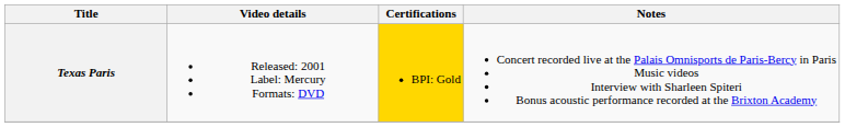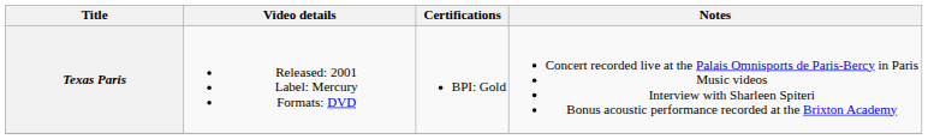 <table class="wikitable plainrowheaders" style="text-align:center;">
 <tr>
 <th scope="col" style="width:13em;">Title</th>
 <th scope="col" style="width:17em;">Video details</th>
 <th scope="col">Certifications</th>
 <th scope="col">Notes</th>
 </tr>
 <tr>
 <th scope="row"><em>Texas Paris</em></th>
 <td><br><ul><li>Released: 2001</li><li>Label: Mercury</li><li>Formats: <a href='#'>DVD</a></li></ul></td>
-<td style="background: gold;"><br><ul><li>BPI: Gold</li></ul></td>
+<td><br><ul><li>BPI: Gold</li></ul></td>
 <td><br><ul><li>Concert recorded live at the <a href='#'>Palais Omnisports de Paris-Bercy</a> in Paris</li><li>Music videos</li><li>Interview with Sharleen Spiteri</li><li>Bonus acoustic performance recorded at the <a href='#'>Brixton Academy</a></li></ul></td>
 </tr>
 <tr>
 </tr>
 </table>
